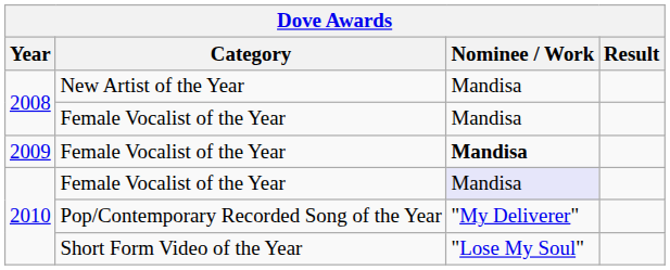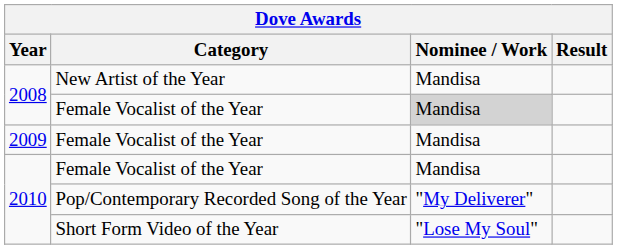 <table class="wikitable">
 <tr>
 <th colspan=4><a href='#'>Dove Awards</a></th>
 </tr>
 <tr>
 <th>Year</th>
 <th>Category</th>
 <th>Nominee / Work</th>
 <th>Result</th>
 </tr>
 <tr>
 <td rowspan="2"><a href='#'>2008</a></td>
 <td>New Artist of the Year</td>
 <td>Mandisa</td>
 <td></td>
 </tr>
 <tr>
 <td>Female Vocalist of the Year</td>
-<td>Mandisa</td>
+<td style="background: lightgrey;">Mandisa</td>
 <td></td>
 </tr>
 <tr>
 <td><a href='#'>2009</a></td>
 <td>Female Vocalist of the Year</td>
-<td><strong>Mandisa</strong></td>
+<td>Mandisa</td>
 <td></td>
 </tr>
 <tr>
 <td rowspan="3"><a href='#'>2010</a></td>
 <td>Female Vocalist of the Year</td>
-<td style="background: lavender;">Mandisa</td>
+<td>Mandisa</td>
 <td></td>
 </tr>
 <tr>
 <td>Pop/Contemporary Recorded Song of the Year</td>
 <td>"<a href='#'>My Deliverer</a>"</td>
 <td></td>
 </tr>
 <tr>
 <td>Short Form Video of the Year</td>
 <td>"<a href='#'>Lose My Soul</a>"<br> </td>
 <td></td>
 </tr>
 </table>
